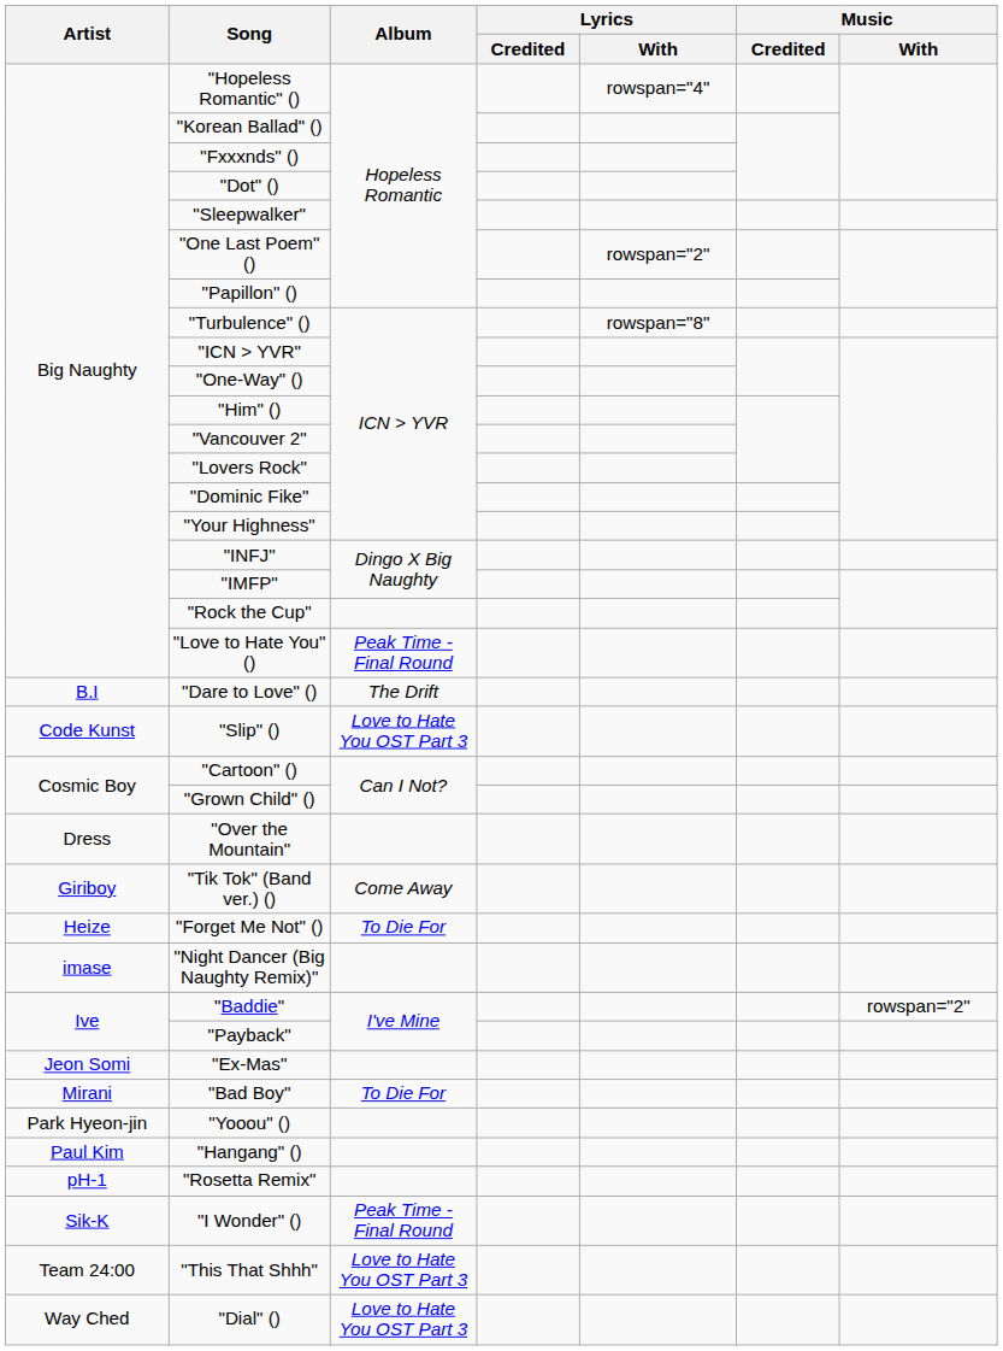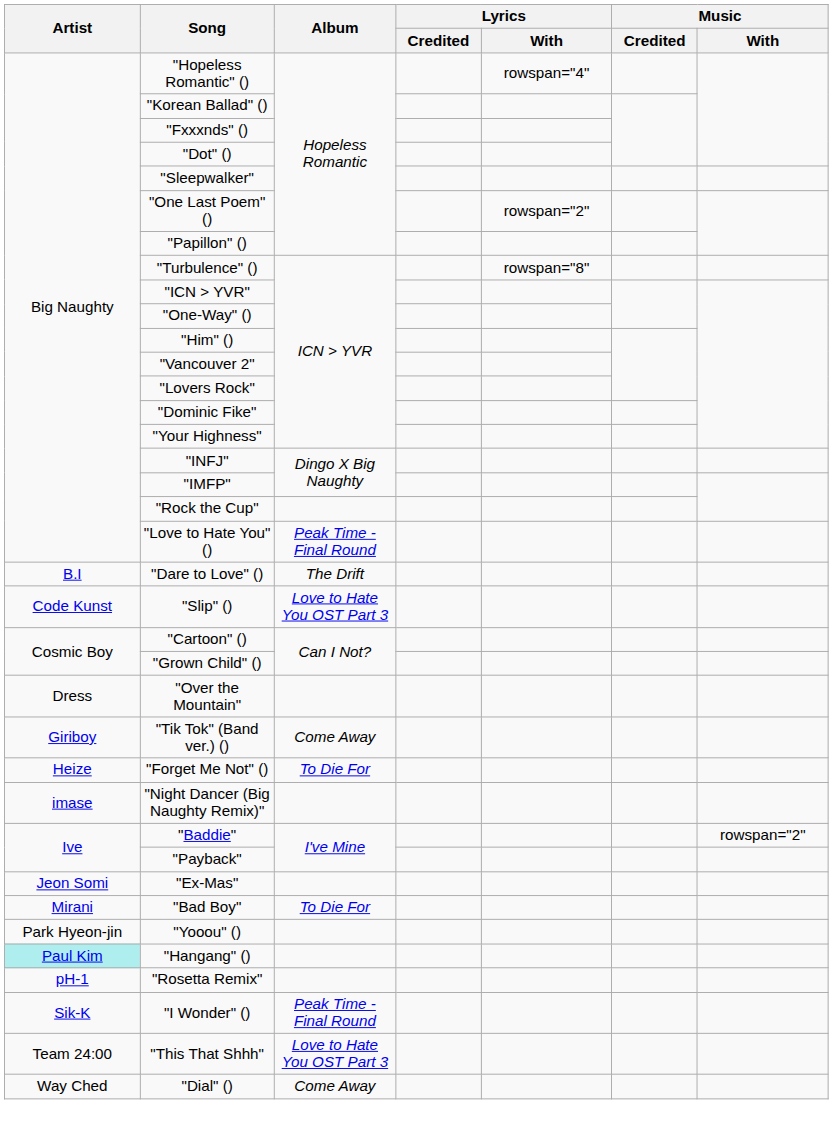 <table class="wikitable" style="text-align:center;">
 <tr>
 <th rowspan="2" style="width:12em;">Artist</th>
 <th rowspan="2" style="width:10em;">Song</th>
 <th rowspan="2" style="width:10em;">Album</th>
 <th colspan="2" style="width:16em;">Lyrics</th>
 <th colspan="2" style="width:16em;">Music</th>
 </tr>
 <tr>
 <th style="width:6em;">Credited</th>
 <th style="width:10em;">With</th>
 <th style="width:6em;">Credited</th>
 <th style="width:10em;">With</th>
 </tr>
 <tr>
 <td rowspan="19">Big Naughty</td>
 <td>"Hopeless Romantic" ()<br></td>
 <td rowspan="7"><em>Hopeless Romantic</em></td>
 <td></td>
 <td>rowspan="4" </td>
 <td></td>
 <td rowspan="4"></td>
 </tr>
 <tr>
 <td>"Korean Ballad" ()</td>
 <td></td>
 <td></td>
 </tr>
 <tr>
 <td>"Fxxxnds" () <br></td>
 <td></td>
 <td></td>
 </tr>
 <tr>
 <td>"Dot" ()</td>
 <td></td>
 <td></td>
 </tr>
 <tr>
 <td>"Sleepwalker"<br></td>
 <td></td>
 <td></td>
 <td></td>
 <td></td>
 </tr>
 <tr>
 <td>"One Last Poem" ()</td>
 <td></td>
 <td>rowspan="2" </td>
 <td></td>
 <td rowspan="2"></td>
 </tr>
 <tr>
 <td>"Papillon" ()</td>
 <td></td>
 <td></td>
 </tr>
 <tr>
 <td>"Turbulence" ()</td>
 <td rowspan="8"><em>ICN > YVR</em></td>
 <td></td>
 <td>rowspan="8" </td>
 <td></td>
 <td></td>
 </tr>
 <tr>
 <td>"ICN > YVR"</td>
 <td></td>
 <td></td>
 <td rowspan="2"></td>
 </tr>
 <tr>
 <td>"One-Way" ()</td>
 <td></td>
 <td></td>
 </tr>
 <tr>
 <td>"Him" ()</td>
 <td></td>
 <td></td>
 <td rowspan="3"></td>
 </tr>
 <tr>
 <td>"Vancouver 2"</td>
 <td></td>
 <td></td>
 </tr>
 <tr>
 <td>"Lovers Rock"</td>
 <td></td>
 <td></td>
 </tr>
 <tr>
 <td>"Dominic Fike"</td>
 <td></td>
 <td></td>
 <td></td>
 </tr>
 <tr>
 <td>"Your Highness"</td>
 <td></td>
 <td></td>
 <td></td>
 </tr>
 <tr>
 <td>"INFJ"<br></td>
 <td rowspan="2"><em>Dingo X Big Naughty</em></td>
 <td></td>
 <td></td>
 <td></td>
 <td></td>
 </tr>
 <tr>
 <td>"IMFP"</td>
 <td></td>
 <td></td>
 <td></td>
 <td rowspan="2"></td>
 </tr>
 <tr>
 <td>"Rock the Cup"</td>
 <td></td>
 <td></td>
 <td></td>
 <td></td>
 </tr>
 <tr>
 <td>"Love to Hate You" ()</td>
 <td><em><a href='#'>Peak Time - Final Round</a></em></td>
 <td></td>
 <td></td>
 <td></td>
 <td></td>
 </tr>
 <tr>
 <td><a href='#'>B.I</a></td>
 <td>"Dare to Love" ()<br></td>
 <td><em>The Drift</em></td>
 <td></td>
 <td></td>
 <td></td>
 <td></td>
 </tr>
 <tr>
 <td><a href='#'>Code Kunst</a></td>
 <td>"Slip" ()<br></td>
 <td><em><a href='#'>Love to Hate You OST Part 3</a></em></td>
 <td></td>
 <td></td>
 <td></td>
 <td></td>
 </tr>
 <tr>
 <td rowspan="2">Cosmic Boy</td>
 <td>"Cartoon" ()<br></td>
 <td rowspan="2"><em>Can I Not?</em></td>
 <td></td>
 <td></td>
 <td></td>
 <td></td>
 </tr>
 <tr>
 <td>"Grown Child" ()<br></td>
 <td></td>
 <td></td>
 <td></td>
 <td></td>
 </tr>
 <tr>
 <td>Dress</td>
 <td>"Over the Mountain"<br></td>
 <td></td>
 <td></td>
 <td></td>
 <td></td>
 <td></td>
 </tr>
 <tr>
 <td><a href='#'>Giriboy</a></td>
 <td>"Tik Tok" (Band ver.) ()<br></td>
 <td><em>Come Away</em></td>
 <td></td>
 <td></td>
 <td></td>
 <td></td>
 </tr>
 <tr>
 <td><a href='#'>Heize</a></td>
 <td>"Forget Me Not" ()</td>
 <td><em><a href='#'>To Die For</a></em></td>
 <td></td>
 <td></td>
 <td></td>
 <td></td>
 </tr>
 <tr>
 <td><a href='#'>imase</a></td>
 <td>"Night Dancer (Big Naughty Remix)"</td>
 <td></td>
 <td></td>
 <td></td>
 <td></td>
 <td></td>
 </tr>
 <tr>
 <td rowspan="2"><a href='#'>Ive</a></td>
 <td>"<a href='#'>Baddie</a>"</td>
 <td rowspan="2"><em><a href='#'>I've Mine</a></em></td>
 <td></td>
 <td></td>
 <td></td>
 <td>rowspan="2" </td>
 </tr>
 <tr>
 <td>"Payback"</td>
 <td></td>
 <td></td>
 <td></td>
 </tr>
 <tr>
 <td><a href='#'>Jeon Somi</a><br></td>
 <td>"Ex-Mas"</td>
 <td></td>
 <td></td>
 <td></td>
 <td></td>
 <td></td>
 </tr>
 <tr>
 <td><a href='#'>Mirani</a></td>
 <td>"Bad Boy"<br></td>
 <td><em><a href='#'>To Die For</a></em></td>
 <td></td>
 <td></td>
 <td></td>
 <td></td>
 </tr>
 <tr>
 <td>Park Hyeon-jin</td>
 <td>"Yooou" ()<br></td>
 <td></td>
 <td></td>
 <td></td>
 <td></td>
 <td></td>
 </tr>
 <tr>
-<td><a href='#'>Paul Kim</a></td>
+<td style="background: paleturquoise;"><a href='#'>Paul Kim</a></td>
 <td>"Hangang" ()<br></td>
 <td></td>
 <td></td>
 <td></td>
 <td></td>
 <td></td>
 </tr>
 <tr>
 <td><a href='#'>pH-1</a></td>
 <td>"Rosetta Remix"<br></td>
 <td></td>
 <td></td>
 <td></td>
 <td></td>
 <td></td>
 </tr>
 <tr>
 <td><a href='#'>Sik-K</a></td>
 <td>"I Wonder" ()</td>
 <td><em><a href='#'>Peak Time - Final Round</a></em></td>
 <td></td>
 <td></td>
 <td></td>
 <td></td>
 </tr>
 <tr>
 <td>Team 24:00</td>
 <td>"This That Shhh"</td>
 <td><em><a href='#'>Love to Hate You OST Part 3</a></em></td>
 <td></td>
 <td></td>
 <td></td>
 <td></td>
 </tr>
 <tr>
 <td>Way Ched</td>
 <td>"Dial" ()<br></td>
-<td><em><a href='#'>Love to Hate You OST Part 3</a></em></td>
+<td><em>Come Away</em></td>
 <td></td>
 <td></td>
 <td></td>
 <td></td>
 </tr>
 </table>
